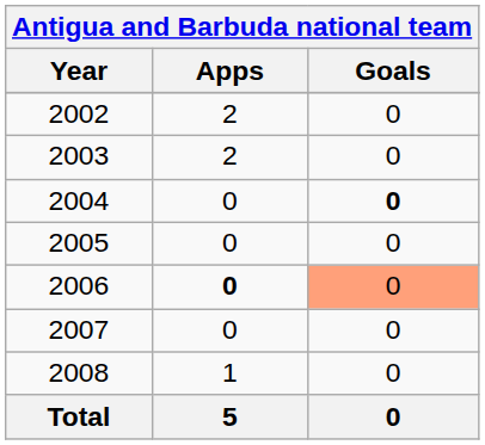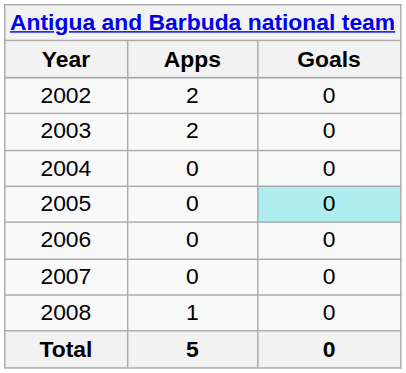 <table class="wikitable" style="text-align:center">
 <tr>
 <th colspan=3><a href='#'>Antigua and Barbuda national team</a></th>
 </tr>
 <tr>
 <th>Year</th>
 <th>Apps</th>
 <th>Goals</th>
 </tr>
 <tr>
 </tr>
 <tr>
 <td>2002</td>
 <td>2</td>
 <td>0</td>
 </tr>
 <tr>
 <td>2003</td>
 <td>2</td>
 <td>0</td>
 </tr>
 <tr>
 <td>2004</td>
 <td>0</td>
-<td><strong>0</strong></td>
+<td>0</td>
 </tr>
 <tr>
 <td>2005</td>
 <td>0</td>
-<td>0</td>
+<td style="background: paleturquoise;">0</td>
 </tr>
 <tr>
 <td>2006</td>
-<td><strong>0</strong></td>
-<td style="background: lightsalmon;">0</td>
+<td>0</td>
+<td>0</td>
 </tr>
 <tr>
 <td>2007</td>
 <td>0</td>
 <td>0</td>
 </tr>
 <tr>
 <td>2008</td>
 <td>1</td>
 <td>0</td>
 </tr>
 <tr>
 <th>Total</th>
 <th>5</th>
 <th>0</th>
 </tr>
 </table>
